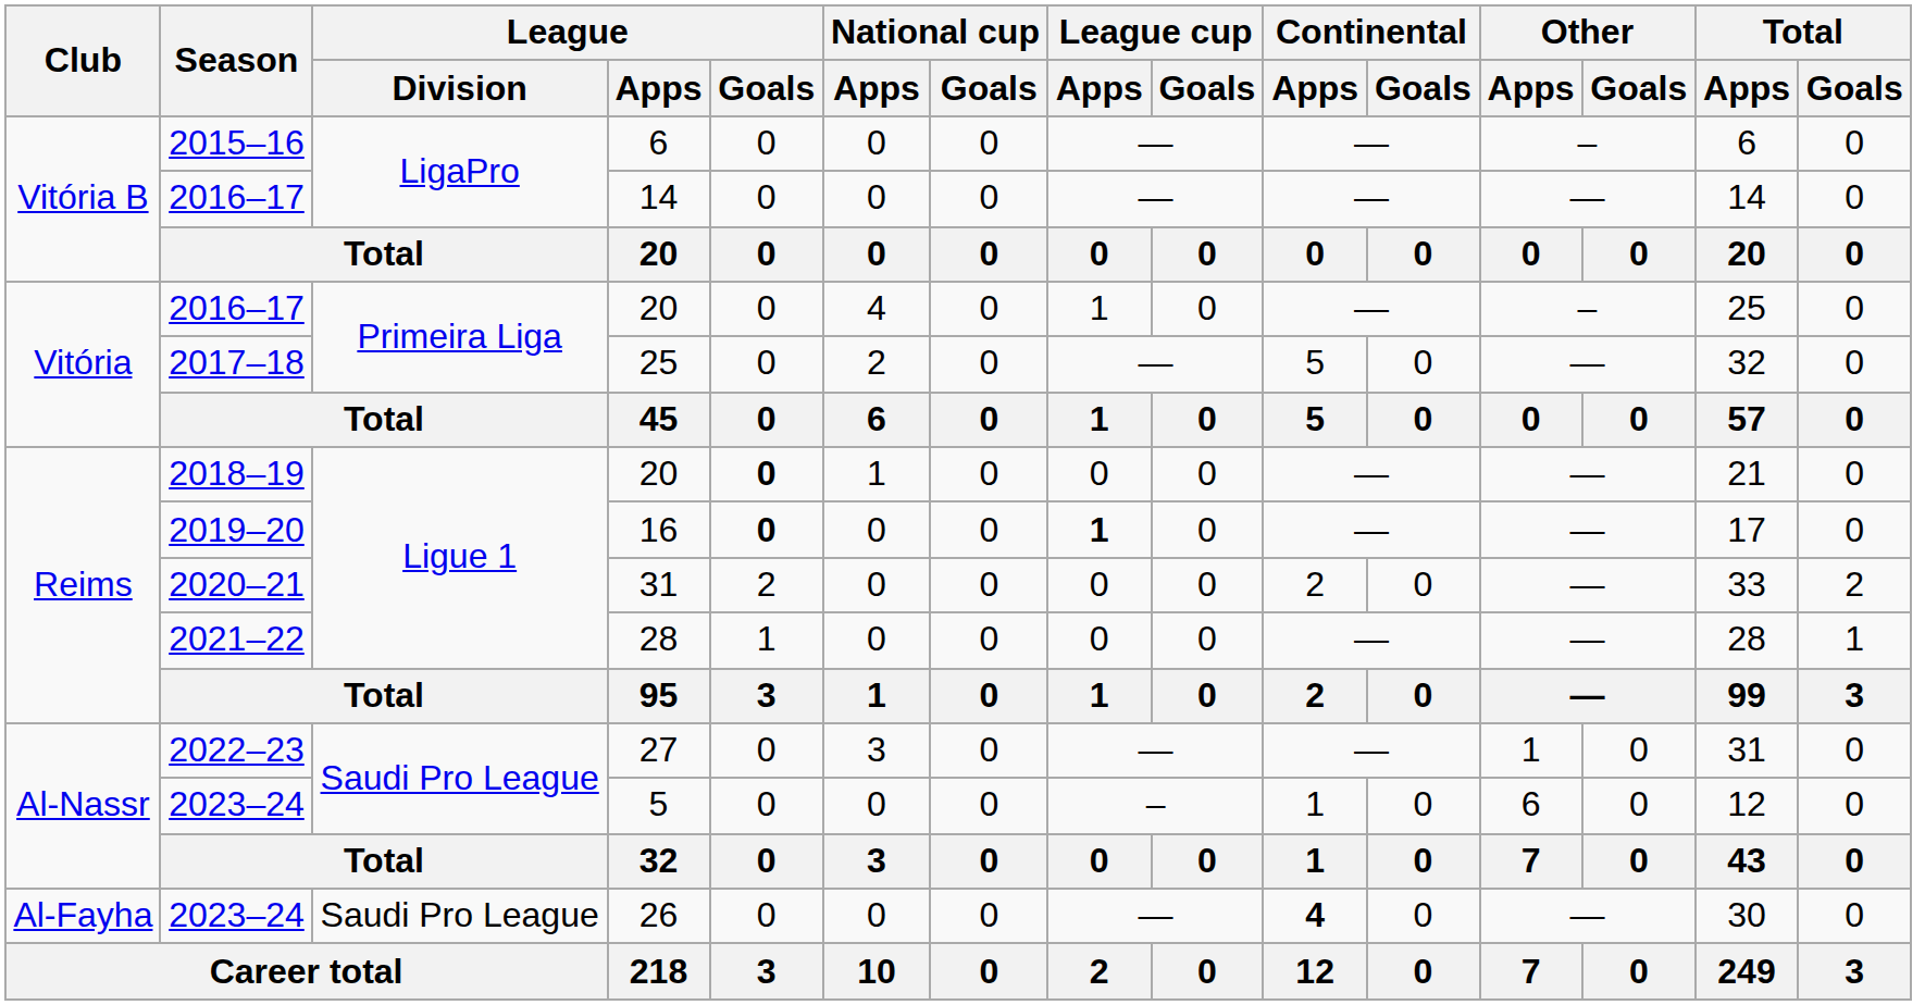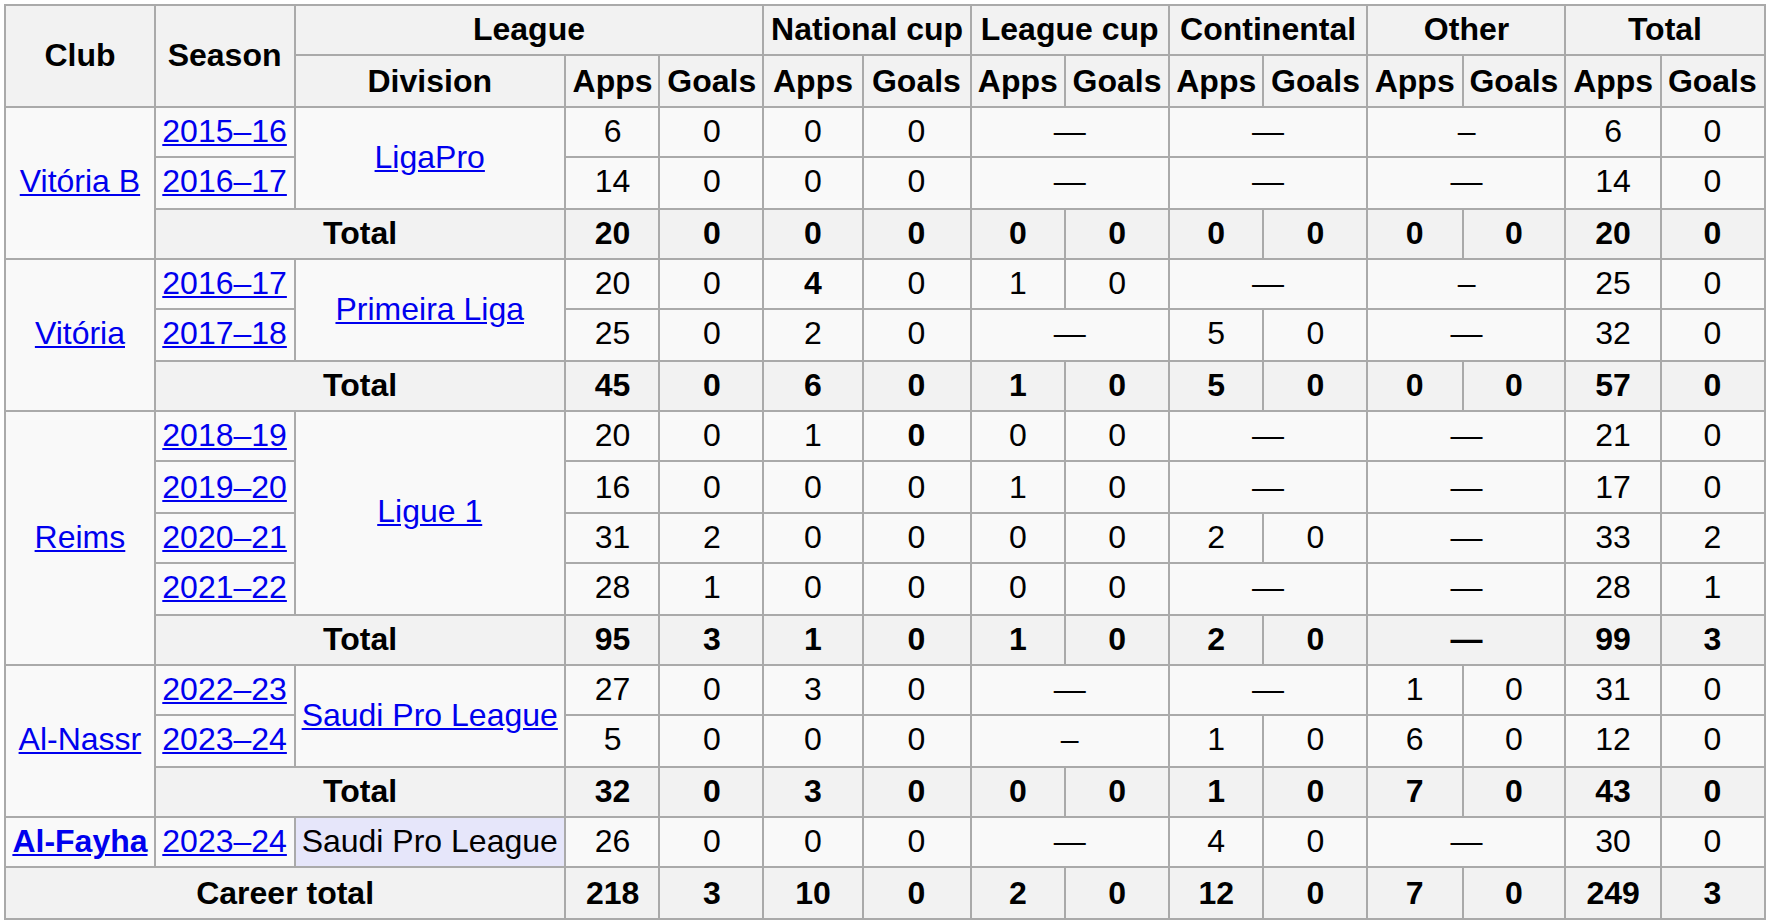 <table class="wikitable" style="text-align:center">
 <tr>
 <th rowspan="2">Club</th>
 <th rowspan="2">Season</th>
 <th colspan="3">League</th>
 <th colspan="2">National cup</th>
 <th colspan="2">League cup</th>
 <th colspan="2">Continental</th>
 <th colspan="2">Other</th>
 <th colspan="2">Total</th>
 </tr>
 <tr>
 <th>Division</th>
 <th>Apps</th>
 <th>Goals</th>
 <th>Apps</th>
 <th>Goals</th>
 <th>Apps</th>
 <th>Goals</th>
 <th>Apps</th>
 <th>Goals</th>
 <th>Apps</th>
 <th>Goals</th>
 <th>Apps</th>
 <th>Goals</th>
 </tr>
 <tr>
 <td rowspan="3"><a href='#'>Vitória B</a></td>
 <td><a href='#'>2015–16</a></td>
 <td rowspan="2"><a href='#'>LigaPro</a></td>
 <td>6</td>
 <td>0</td>
 <td>0</td>
 <td>0</td>
 <td colspan="2">—</td>
 <td colspan="2">—</td>
 <td colspan="2">–</td>
 <td>6</td>
 <td>0</td>
 </tr>
 <tr>
 <td><a href='#'>2016–17</a></td>
 <td>14</td>
 <td>0</td>
 <td>0</td>
 <td>0</td>
 <td colspan="2">—</td>
 <td colspan="2">—</td>
 <td colspan="2">—</td>
 <td>14</td>
 <td>0</td>
 </tr>
 <tr>
 <th colspan="2">Total</th>
 <th>20</th>
 <th>0</th>
 <th>0</th>
 <th>0</th>
 <th>0</th>
 <th>0</th>
 <th>0</th>
 <th>0</th>
 <th>0</th>
 <th>0</th>
 <th>20</th>
 <th>0</th>
 </tr>
 <tr>
 <td rowspan="3"><a href='#'>Vitória</a></td>
 <td><a href='#'>2016–17</a></td>
 <td rowspan="2"><a href='#'>Primeira Liga</a></td>
 <td>20</td>
 <td>0</td>
-<td>4</td>
+<td><strong>4</strong></td>
 <td>0</td>
 <td>1</td>
 <td>0</td>
 <td colspan="2">—</td>
 <td colspan="2">–</td>
 <td>25</td>
 <td>0</td>
 </tr>
 <tr>
 <td><a href='#'>2017–18</a></td>
 <td>25</td>
 <td>0</td>
 <td>2</td>
 <td>0</td>
 <td colspan="2">—</td>
 <td>5</td>
 <td>0</td>
 <td colspan="2">—</td>
 <td>32</td>
 <td>0</td>
 </tr>
 <tr>
 <th colspan="2">Total</th>
 <th>45</th>
 <th>0</th>
 <th>6</th>
 <th>0</th>
 <th>1</th>
 <th>0</th>
 <th>5</th>
 <th>0</th>
 <th>0</th>
 <th>0</th>
 <th>57</th>
 <th>0</th>
 </tr>
 <tr>
 <td rowspan="5"><a href='#'>Reims</a></td>
 <td><a href='#'>2018–19</a></td>
 <td rowspan="4"><a href='#'>Ligue 1</a></td>
 <td>20</td>
+<td>0</td>
+<td>1</td>
 <td><strong>0</strong></td>
-<td>1</td>
-<td>0</td>
 <td>0</td>
 <td>0</td>
 <td colspan="2">—</td>
 <td colspan="2">—</td>
 <td>21</td>
 <td>0</td>
 </tr>
 <tr>
 <td><a href='#'>2019–20</a></td>
 <td>16</td>
-<td><strong>0</strong></td>
 <td>0</td>
 <td>0</td>
-<td><strong>1</strong></td>
+<td>0</td>
+<td>1</td>
 <td>0</td>
 <td colspan="2">—</td>
 <td colspan="2">—</td>
 <td>17</td>
 <td>0</td>
 </tr>
 <tr>
 <td><a href='#'>2020–21</a></td>
 <td>31</td>
 <td>2</td>
 <td>0</td>
 <td>0</td>
 <td>0</td>
 <td>0</td>
 <td>2</td>
 <td>0</td>
 <td colspan="2">—</td>
 <td>33</td>
 <td>2</td>
 </tr>
 <tr>
 <td><a href='#'>2021–22</a></td>
 <td>28</td>
 <td>1</td>
 <td>0</td>
 <td>0</td>
 <td>0</td>
 <td>0</td>
 <td colspan="2">—</td>
 <td colspan="2">—</td>
 <td>28</td>
 <td>1</td>
 </tr>
 <tr>
 <th colspan="2">Total</th>
 <th>95</th>
 <th>3</th>
 <th>1</th>
 <th>0</th>
 <th>1</th>
 <th>0</th>
 <th>2</th>
 <th>0</th>
 <th colspan="2">—</th>
 <th>99</th>
 <th>3</th>
 </tr>
 <tr>
 <td rowspan="3"><a href='#'>Al-Nassr</a></td>
 <td><a href='#'>2022–23</a></td>
 <td rowspan="2"><a href='#'>Saudi Pro League</a></td>
 <td>27</td>
 <td>0</td>
 <td>3</td>
 <td>0</td>
 <td colspan="2">—</td>
 <td colspan="2">—</td>
 <td>1</td>
 <td>0</td>
 <td>31</td>
 <td>0</td>
 </tr>
 <tr>
 <td><a href='#'>2023–24</a></td>
 <td>5</td>
 <td>0</td>
 <td>0</td>
 <td>0</td>
 <td colspan="2">–</td>
 <td>1</td>
 <td>0</td>
 <td>6</td>
 <td>0</td>
 <td>12</td>
 <td>0</td>
 </tr>
 <tr>
 <th colspan="2">Total</th>
 <th>32</th>
 <th>0</th>
 <th>3</th>
 <th>0</th>
 <th>0</th>
 <th>0</th>
 <th>1</th>
 <th>0</th>
 <th>7</th>
 <th>0</th>
 <th>43</th>
 <th>0</th>
 </tr>
 <tr>
-<td><a href='#'>Al-Fayha</a></td>
+<td><strong><a href='#'>Al-Fayha</a></strong></td>
 <td><a href='#'>2023–24</a></td>
-<td>Saudi Pro League</td>
+<td style="background: lavender;">Saudi Pro League</td>
 <td>26</td>
 <td>0</td>
 <td>0</td>
 <td>0</td>
 <td colspan="2">—</td>
-<td><strong>4</strong></td>
+<td>4</td>
 <td>0</td>
 <td colspan="2">—</td>
 <td>30</td>
 <td>0</td>
 </tr>
 <tr>
 <th colspan="3">Career total</th>
 <th>218</th>
 <th>3</th>
 <th>10</th>
 <th>0</th>
 <th>2</th>
 <th>0</th>
 <th>12</th>
 <th>0</th>
 <th>7</th>
 <th>0</th>
 <th>249</th>
 <th>3</th>
 </tr>
 </table>
